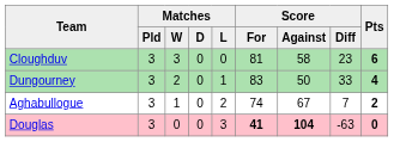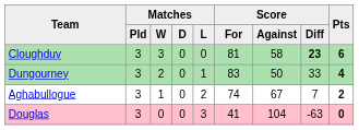 <table style=border-collapse:collapse border=1 cellspacing=0 cellpadding=5>
 <tr align=center bgcolor=#efefef>
 <th rowspan=2 width=165>Team</th>
 <th colspan=4>Matches</th>
 <th colspan=3>Score</th>
 <th rowspan=2width=20>Pts</th>
 </tr>
 <tr align=center bgcolor=#efefef>
 <th width=20>Pld</th>
 <th width=20>W</th>
 <th width=20>D</th>
 <th width=20>L</th>
 <th width=45>For</th>
 <th width=45>Against</th>
 <th width=30>Diff</th>
 </tr>
 <tr align=center style="background:#ACE1AF;">
 <td style="text-align:left;"><a href='#'>Cloughduv</a></td>
 <td>3</td>
 <td>3</td>
 <td>0</td>
 <td>0</td>
 <td>81</td>
 <td>58</td>
-<td>23</td>
+<td><strong>23</strong></td>
 <td><strong>6</strong></td>
 </tr>
 <tr align=center style="background:#ACE1AF;">
 <td style="text-align:left;"><a href='#'>Dungourney</a></td>
 <td>3</td>
 <td>2</td>
 <td>0</td>
 <td>1</td>
 <td>83</td>
 <td>50</td>
 <td>33</td>
 <td><strong>4</strong></td>
 </tr>
 <tr align=center>
 <td style="text-align:left;"><a href='#'>Aghabullogue</a></td>
 <td>3</td>
 <td>1</td>
 <td>0</td>
 <td>2</td>
 <td>74</td>
 <td>67</td>
 <td>7</td>
 <td><strong>2</strong></td>
 </tr>
 <tr align=center style="background:#FFC0CB;">
 <td style="text-align:left;"><a href='#'>Douglas</a></td>
 <td>3</td>
 <td>0</td>
 <td>0</td>
 <td>3</td>
-<td><strong>41</strong></td>
-<td><strong>104</strong></td>
+<td>41</td>
+<td>104</td>
 <td>-63</td>
 <td><strong>0</strong></td>
 </tr>
 </table>
